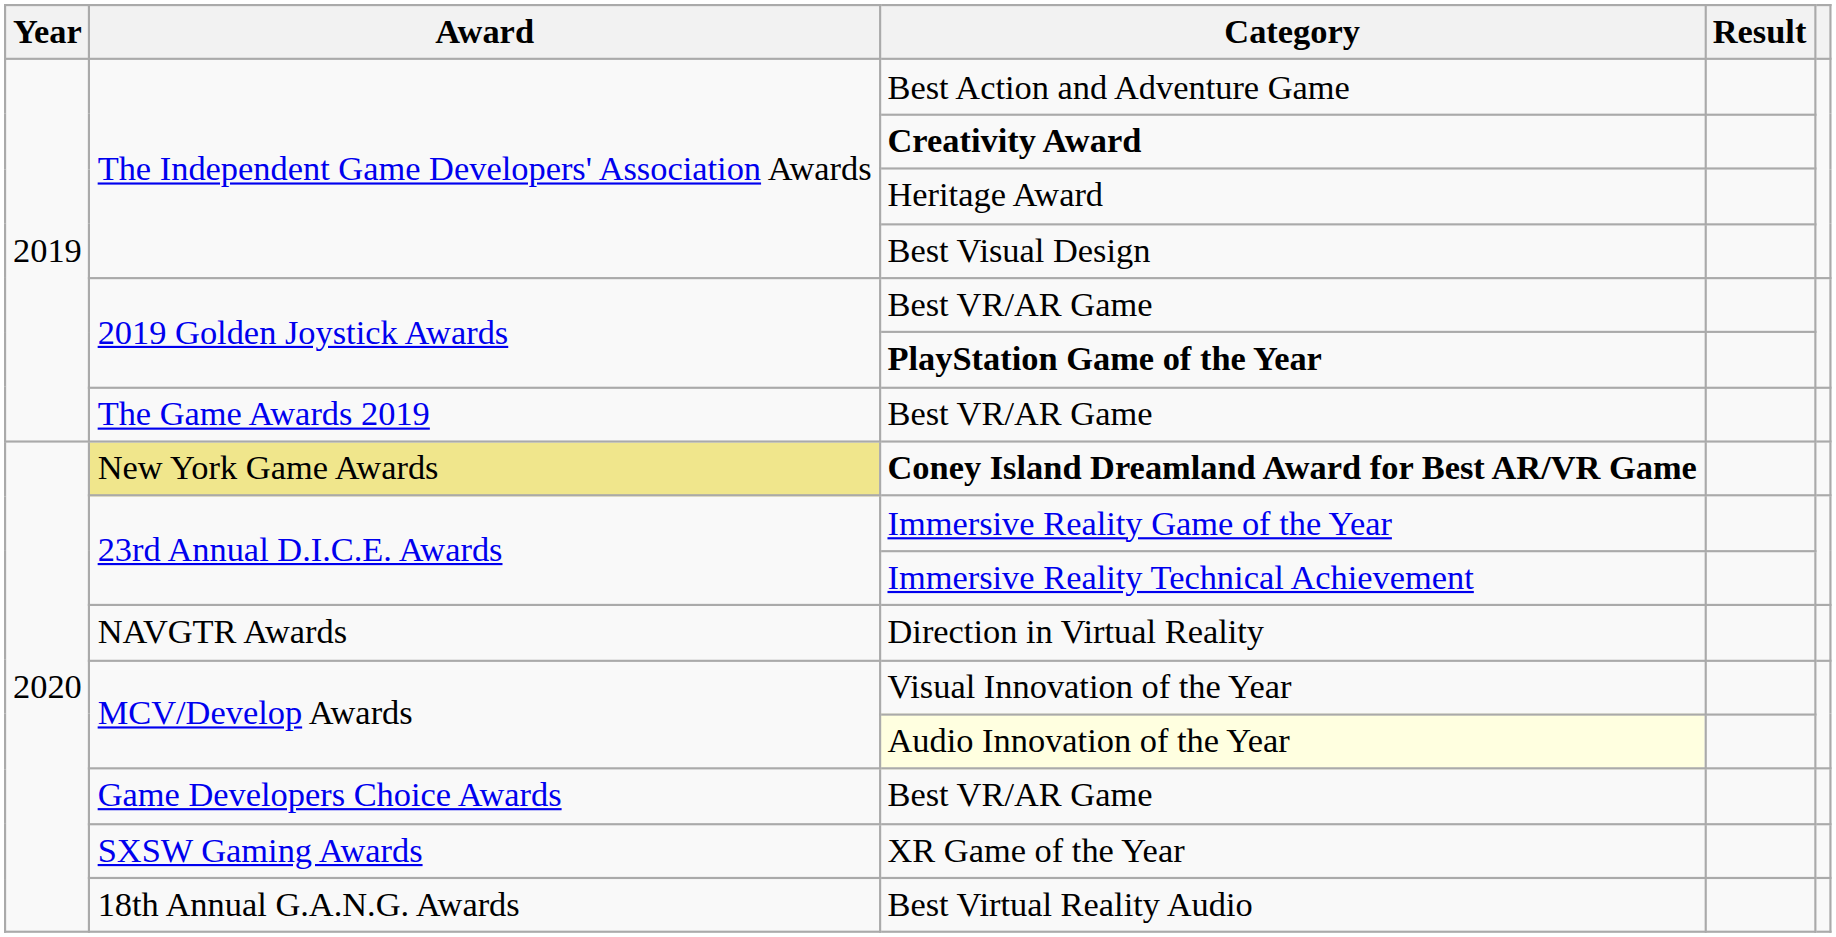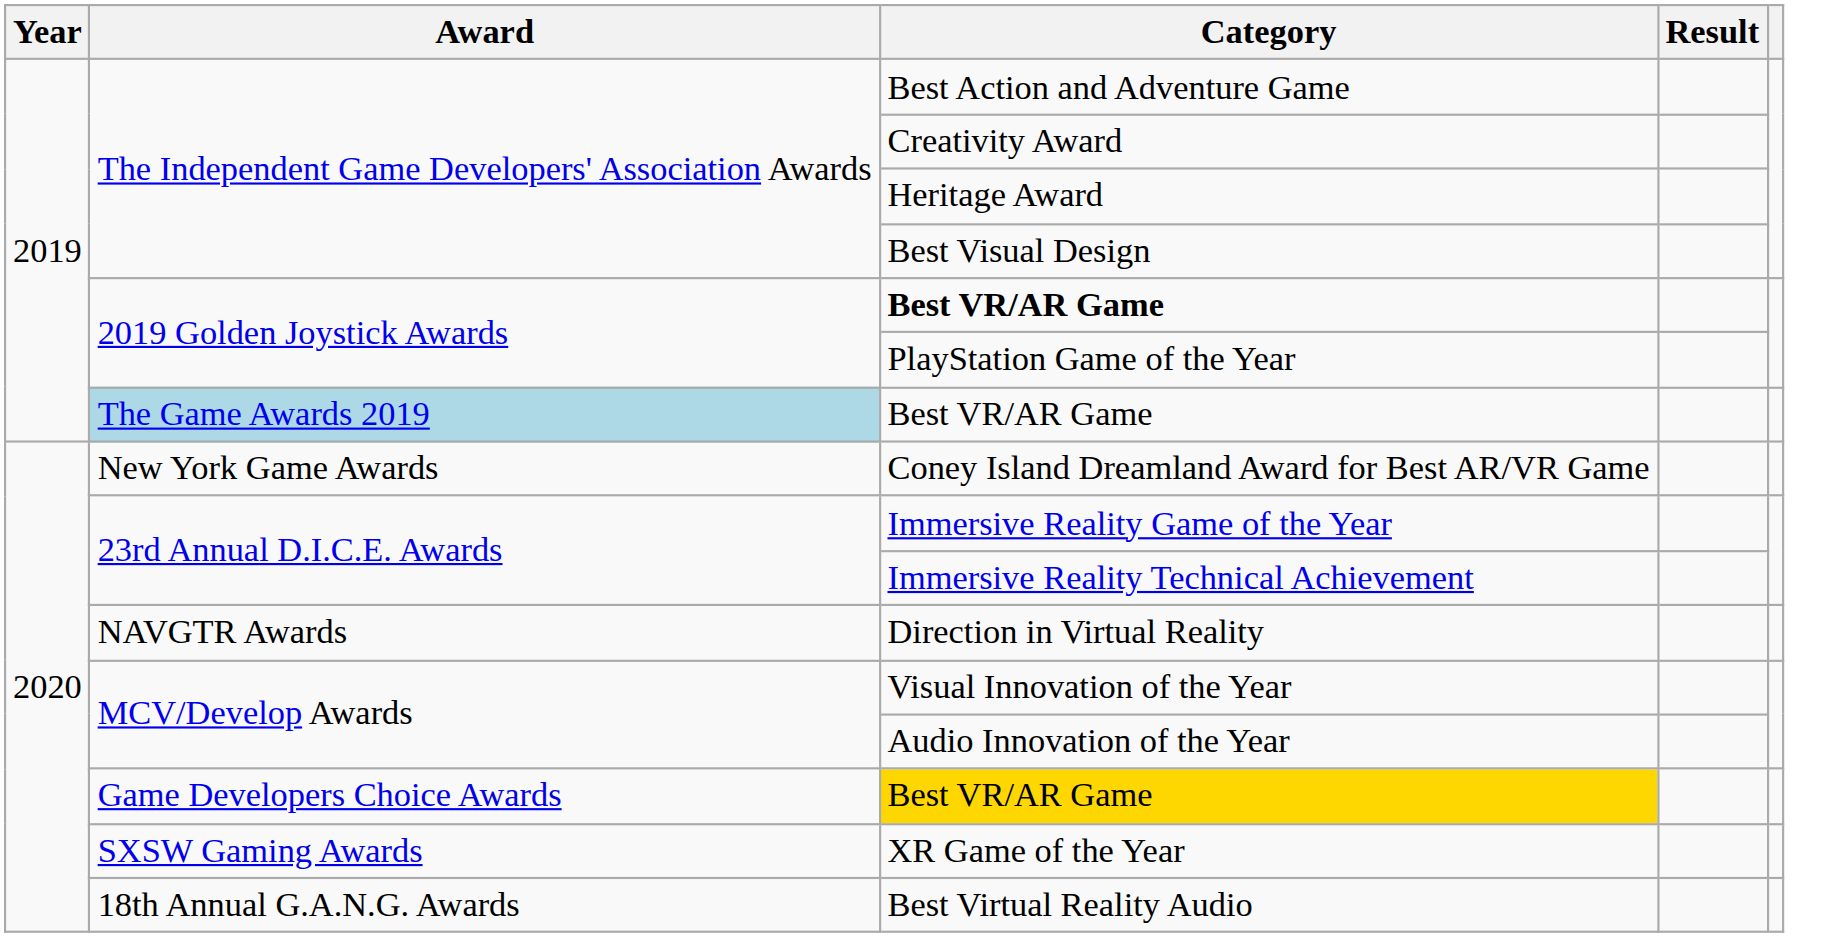 <table class="wikitable sortable">
 <tr>
 <th>Year</th>
 <th>Award</th>
 <th>Category</th>
 <th>Result</th>
 <th></th>
 </tr>
 <tr>
 <td style="text-align:center;" rowspan="7">2019</td>
 <td rowspan="4"><a href='#'>The Independent Game Developers' Association</a> Awards</td>
 <td>Best Action and Adventure Game</td>
 <td></td>
 <td rowspan="4" style="text-align:center;"></td>
 </tr>
 <tr>
-<td><strong>Creativity Award</strong></td>
+<td>Creativity Award</td>
 <td></td>
 </tr>
 <tr>
 <td>Heritage Award</td>
 <td></td>
 </tr>
 <tr>
 <td>Best Visual Design</td>
 <td></td>
 </tr>
 <tr>
 <td rowspan="2"><a href='#'>2019 Golden Joystick Awards</a></td>
-<td>Best VR/AR Game</td>
+<td><strong>Best VR/AR Game</strong></td>
 <td></td>
 <td rowspan="2" style="text-align:center;"></td>
 </tr>
 <tr>
-<td><strong>PlayStation Game of the Year</strong></td>
+<td>PlayStation Game of the Year</td>
 <td></td>
 </tr>
 <tr>
-<td><a href='#'>The Game Awards 2019</a></td>
+<td style="background: lightblue;"><a href='#'>The Game Awards 2019</a></td>
 <td>Best VR/AR Game</td>
 <td></td>
 <td style="text-align:center;"></td>
 </tr>
 <tr>
 <td style="text-align:center;" rowspan="9">2020</td>
-<td style="background: khaki;">New York Game Awards</td>
-<td><strong>Coney Island Dreamland Award for Best AR/VR Game</strong></td>
+<td>New York Game Awards</td>
+<td>Coney Island Dreamland Award for Best AR/VR Game</td>
 <td></td>
 <td style="text-align:center;"></td>
 </tr>
 <tr>
 <td rowspan="2"><a href='#'>23rd Annual D.I.C.E. Awards</a></td>
 <td><a href='#'>Immersive Reality Game of the Year</a></td>
 <td></td>
 <td rowspan="2" style="text-align:center;"></td>
 </tr>
 <tr>
 <td><a href='#'>Immersive Reality Technical Achievement</a></td>
 <td></td>
 </tr>
 <tr>
 <td>NAVGTR Awards</td>
 <td>Direction in Virtual Reality</td>
 <td></td>
 <td style="text-align:center;"></td>
 </tr>
 <tr>
 <td rowspan="2"><a href='#'>MCV/Develop</a> Awards</td>
 <td>Visual Innovation of the Year</td>
 <td></td>
 <td rowspan="2" style="text-align:center;"></td>
 </tr>
 <tr>
-<td style="background: lightyellow;">Audio Innovation of the Year</td>
+<td>Audio Innovation of the Year</td>
 <td></td>
 </tr>
 <tr>
 <td><a href='#'>Game Developers Choice Awards</a></td>
-<td>Best VR/AR Game</td>
+<td style="background: gold;">Best VR/AR Game</td>
 <td></td>
 <td style="text-align:center;"></td>
 </tr>
 <tr>
 <td><a href='#'>SXSW Gaming Awards</a></td>
 <td>XR Game of the Year</td>
 <td></td>
 <td style="text-align:center;"></td>
 </tr>
 <tr>
 <td>18th Annual G.A.N.G. Awards</td>
 <td>Best Virtual Reality Audio</td>
 <td></td>
 <td style="text-align:center;"></td>
 </tr>
 </table>
